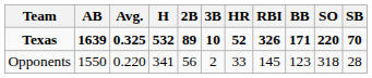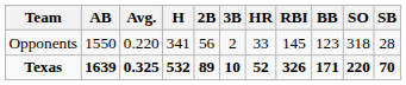 <table class="wikitable sortable">
 <tr>
 <th>Team</th>
 <th>AB</th>
 <th>Avg.</th>
 <th>H</th>
 <th>2B</th>
 <th>3B</th>
 <th>HR</th>
 <th>RBI</th>
 <th>BB</th>
 <th>SO</th>
 <th>SB</th>
 </tr>
+<tr style="text-align:center;">
+<td>Opponents</td>
+<td>1550</td>
+<td>0.220</td>
+<td>341</td>
+<td>56</td>
+<td>2</td>
+<td>33</td>
+<td>145</td>
+<td>123</td>
+<td>318</td>
+<td>28</td>
+</tr>
 <tr style="text-align:center; font-weight: bold;">
 <td>Texas</td>
 <td>1639</td>
 <td>0.325</td>
 <td>532</td>
 <td>89</td>
 <td>10</td>
 <td>52</td>
 <td>326</td>
 <td>171</td>
 <td>220</td>
 <td>70</td>
 </tr>
-<tr style="text-align:center;">
-<td>Opponents</td>
-<td>1550</td>
-<td>0.220</td>
-<td>341</td>
-<td>56</td>
-<td>2</td>
-<td>33</td>
-<td>145</td>
-<td>123</td>
-<td>318</td>
-<td>28</td>
-</tr>
 </table>
